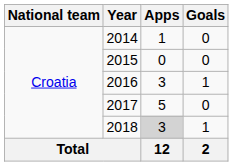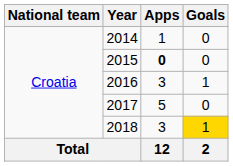 <table class="wikitable" style="text-align: center;">
 <tr>
 <th>National team</th>
 <th>Year</th>
 <th>Apps</th>
 <th>Goals</th>
 </tr>
 <tr>
 <td rowspan="5" valign="center"><a href='#'>Croatia</a></td>
 <td>2014</td>
 <td>1</td>
 <td>0</td>
 </tr>
 <tr>
 <td>2015</td>
-<td>0</td>
+<td><strong>0</strong></td>
 <td>0</td>
 </tr>
 <tr>
 <td>2016</td>
 <td>3</td>
 <td>1</td>
 </tr>
 <tr>
 <td>2017</td>
 <td>5</td>
 <td>0</td>
 </tr>
 <tr>
 <td>2018</td>
-<td style="background: lightgrey;">3</td>
-<td>1</td>
+<td>3</td>
+<td style="background: gold;">1</td>
 </tr>
 <tr>
 <th colspan="2">Total</th>
 <th>12</th>
 <th>2</th>
 </tr>
 </table>
